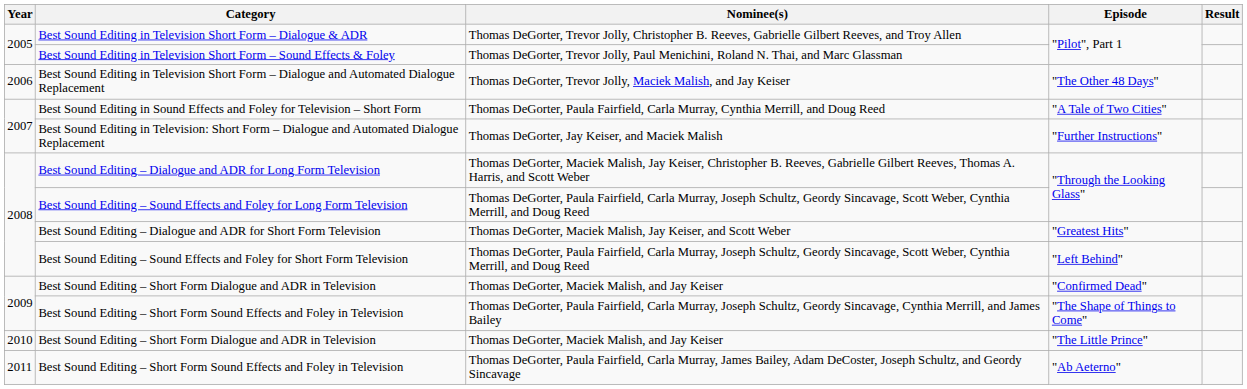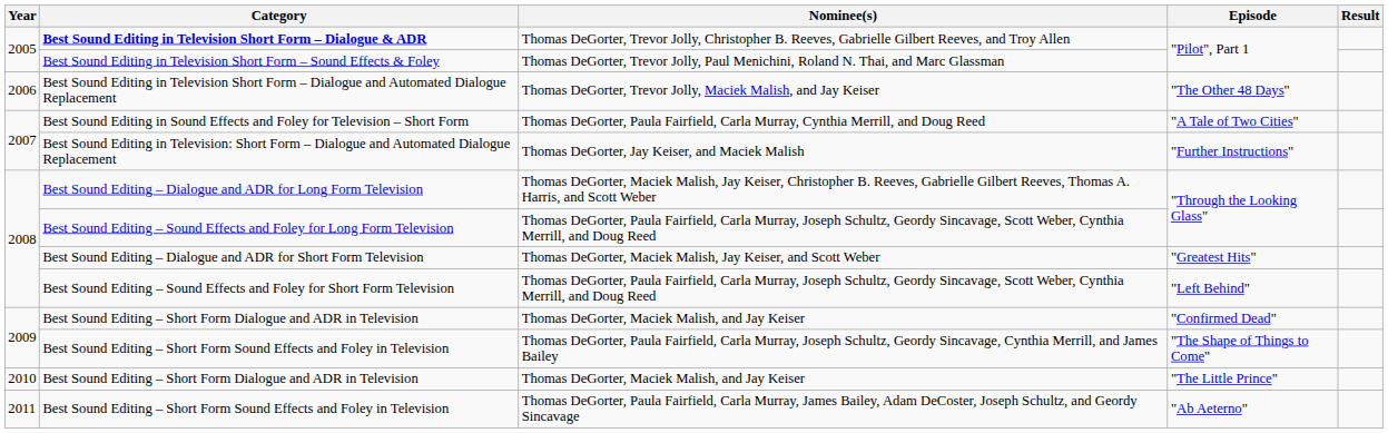 <table class="wikitable">
 <tr>
 <th>Year</th>
 <th>Category</th>
 <th>Nominee(s)</th>
 <th>Episode</th>
 <th>Result</th>
 </tr>
 <tr>
 <td rowspan=2>2005</td>
-<td><a href='#'>Best Sound Editing in Television Short Form – Dialogue & ADR</a></td>
+<td><strong><a href='#'>Best Sound Editing in Television Short Form – Dialogue & ADR</a></strong></td>
 <td>Thomas DeGorter, Trevor Jolly, Christopher B. Reeves, Gabrielle Gilbert Reeves, and Troy Allen</td>
 <td rowspan=2>"<a href='#'>Pilot</a>", Part 1</td>
 <td></td>
 </tr>
 <tr>
 <td><a href='#'>Best Sound Editing in Television Short Form – Sound Effects & Foley</a></td>
 <td>Thomas DeGorter, Trevor Jolly, Paul Menichini, Roland N. Thai, and Marc Glassman</td>
 <td></td>
 </tr>
 <tr>
 <td>2006</td>
 <td>Best Sound Editing in Television Short Form – Dialogue and Automated Dialogue Replacement</td>
 <td>Thomas DeGorter, Trevor Jolly, <a href='#'>Maciek Malish</a>, and Jay Keiser</td>
 <td>"<a href='#'>The Other 48 Days</a>"</td>
 <td></td>
 </tr>
 <tr>
 <td rowspan=2>2007</td>
 <td>Best Sound Editing in Sound Effects and Foley for Television – Short Form</td>
 <td>Thomas DeGorter, Paula Fairfield, Carla Murray, Cynthia Merrill, and Doug Reed</td>
 <td>"<a href='#'>A Tale of Two Cities</a>"</td>
 <td></td>
 </tr>
 <tr>
 <td>Best Sound Editing in Television: Short Form – Dialogue and Automated Dialogue Replacement</td>
 <td>Thomas DeGorter, Jay Keiser, and Maciek Malish</td>
 <td>"<a href='#'>Further Instructions</a>"</td>
 <td></td>
 </tr>
 <tr>
 <td rowspan=4>2008</td>
 <td><a href='#'>Best Sound Editing – Dialogue and ADR for Long Form Television</a></td>
 <td>Thomas DeGorter, Maciek Malish, Jay Keiser, Christopher B. Reeves, Gabrielle Gilbert Reeves, Thomas A. Harris, and Scott Weber</td>
 <td rowspan=2>"<a href='#'>Through the Looking Glass</a>"</td>
 <td></td>
 </tr>
 <tr>
 <td><a href='#'>Best Sound Editing – Sound Effects and Foley for Long Form Television</a></td>
 <td>Thomas DeGorter, Paula Fairfield, Carla Murray, Joseph Schultz, Geordy Sincavage, Scott Weber, Cynthia Merrill, and Doug Reed</td>
 <td></td>
 </tr>
 <tr>
 <td>Best Sound Editing – Dialogue and ADR for Short Form Television</td>
 <td>Thomas DeGorter, Maciek Malish, Jay Keiser, and Scott Weber</td>
 <td>"<a href='#'>Greatest Hits</a>"</td>
 <td></td>
 </tr>
 <tr>
 <td>Best Sound Editing – Sound Effects and Foley for Short Form Television</td>
 <td>Thomas DeGorter, Paula Fairfield, Carla Murray, Joseph Schultz, Geordy Sincavage, Scott Weber, Cynthia Merrill, and Doug Reed</td>
 <td>"<a href='#'>Left Behind</a>"</td>
 <td></td>
 </tr>
 <tr>
 <td rowspan=2>2009</td>
 <td>Best Sound Editing – Short Form Dialogue and ADR in Television</td>
 <td>Thomas DeGorter, Maciek Malish, and Jay Keiser</td>
 <td>"<a href='#'>Confirmed Dead</a>"</td>
 <td></td>
 </tr>
 <tr>
 <td>Best Sound Editing – Short Form Sound Effects and Foley in Television</td>
 <td>Thomas DeGorter, Paula Fairfield, Carla Murray, Joseph Schultz, Geordy Sincavage, Cynthia Merrill, and James Bailey</td>
 <td>"<a href='#'>The Shape of Things to Come</a>"</td>
 <td></td>
 </tr>
 <tr>
 <td>2010</td>
 <td>Best Sound Editing – Short Form Dialogue and ADR in Television</td>
 <td>Thomas DeGorter, Maciek Malish, and Jay Keiser</td>
 <td>"<a href='#'>The Little Prince</a>"</td>
 <td></td>
 </tr>
 <tr>
 <td>2011</td>
 <td>Best Sound Editing – Short Form Sound Effects and Foley in Television</td>
 <td>Thomas DeGorter, Paula Fairfield, Carla Murray, James Bailey, Adam DeCoster, Joseph Schultz, and Geordy Sincavage</td>
 <td>"<a href='#'>Ab Aeterno</a>"</td>
 <td></td>
 </tr>
 </table>
